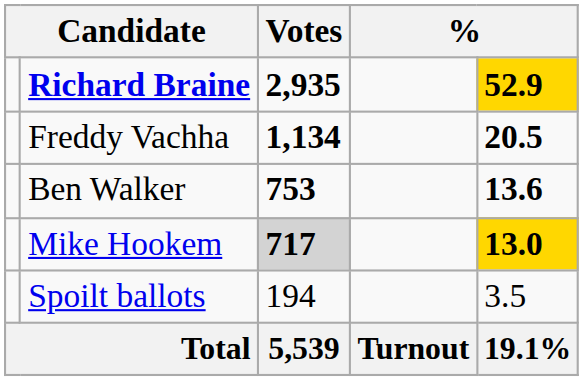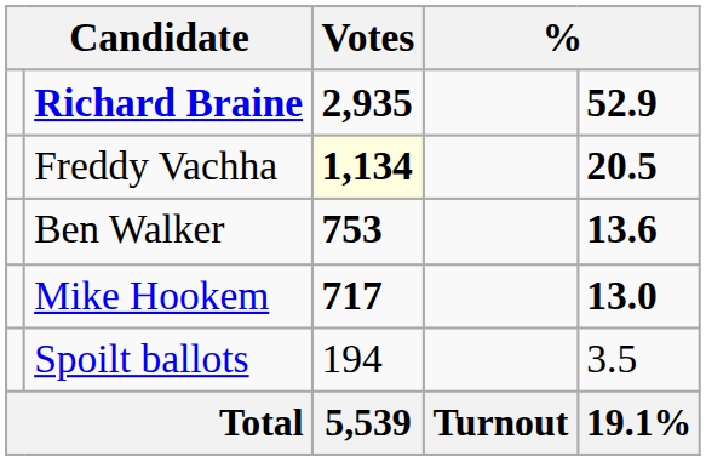 <table class="wikitable plainrowheaders">
 <tr>
 <th colspan="2">Candidate</th>
 <th>Votes</th>
 <th colspan="2">%</th>
 </tr>
 <tr>
 <td style="background:"></td>
 <td> <strong><a href='#'>Richard Braine</a></strong></td>
 <td><strong>2,935</strong></td>
 <td></td>
-<td style="background: gold;"><strong>52.9</strong></td>
+<td><strong>52.9</strong></td>
 </tr>
 <tr>
 <td style="background:"></td>
 <td>Freddy Vachha</td>
-<td><strong>1,134</strong></td>
+<td style="background: lightyellow;"><strong>1,134</strong></td>
 <td></td>
 <td><strong>20.5</strong></td>
 </tr>
 <tr>
 <td style="background:"></td>
 <td>Ben Walker</td>
 <td><strong>753</strong></td>
 <td></td>
 <td><strong>13.6</strong></td>
 </tr>
 <tr>
 <td style="background:"></td>
 <td><a href='#'>Mike Hookem</a></td>
-<td style="background: lightgrey;"><strong>717</strong></td>
+<td><strong>717</strong></td>
 <td></td>
-<td style="background: gold;"><strong>13.0</strong></td>
+<td><strong>13.0</strong></td>
 </tr>
 <tr>
 <td style="background:"></td>
 <td><a href='#'>Spoilt ballots</a></td>
 <td>194</td>
 <td></td>
 <td>3.5</td>
 </tr>
 <tr>
 <th style="font-size:95%; text-align:right;" colspan="2">Total</th>
 <th style="font-size:95%;">5,539</th>
 <th style="font-size:95%; text-align:right;">Turnout</th>
 <th style="font-size:95%;">19.1%</th>
 </tr>
 </table>
